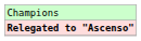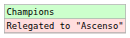 <table class="wikitable">
 <tr width=10px bgcolor="#ccffcc">
 <td>Champions</td>
 </tr>
 <tr width=10px bgcolor="#ffdddd">
-<td><strong>Relegated to "Ascenso"</strong></td>
+<td>Relegated to "Ascenso"</td>
 </tr>
 <tr>
 </tr>
 </table>
